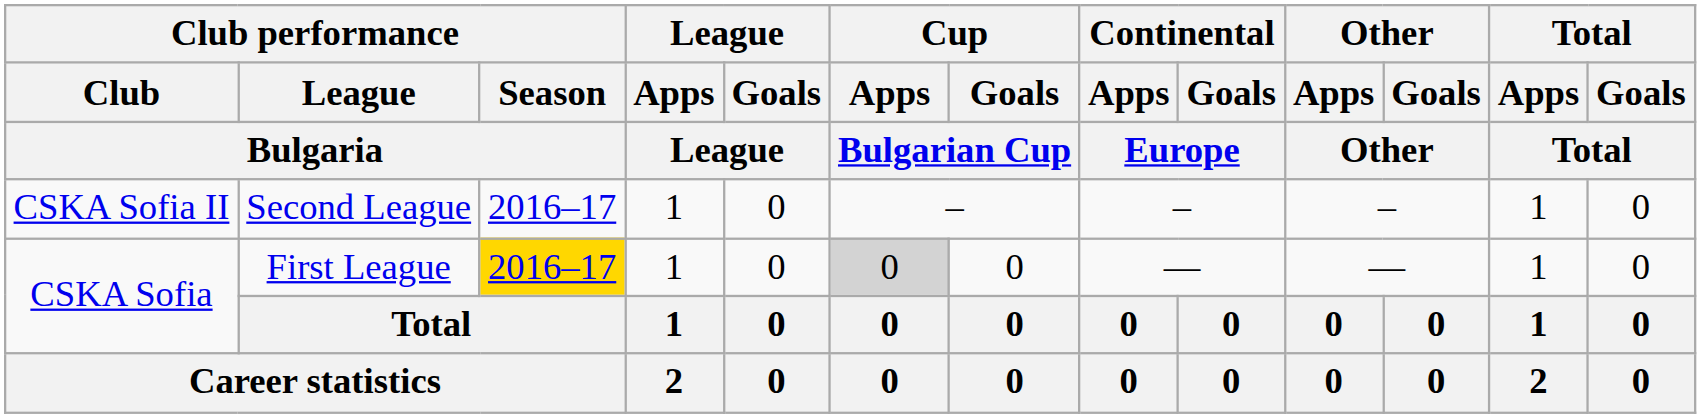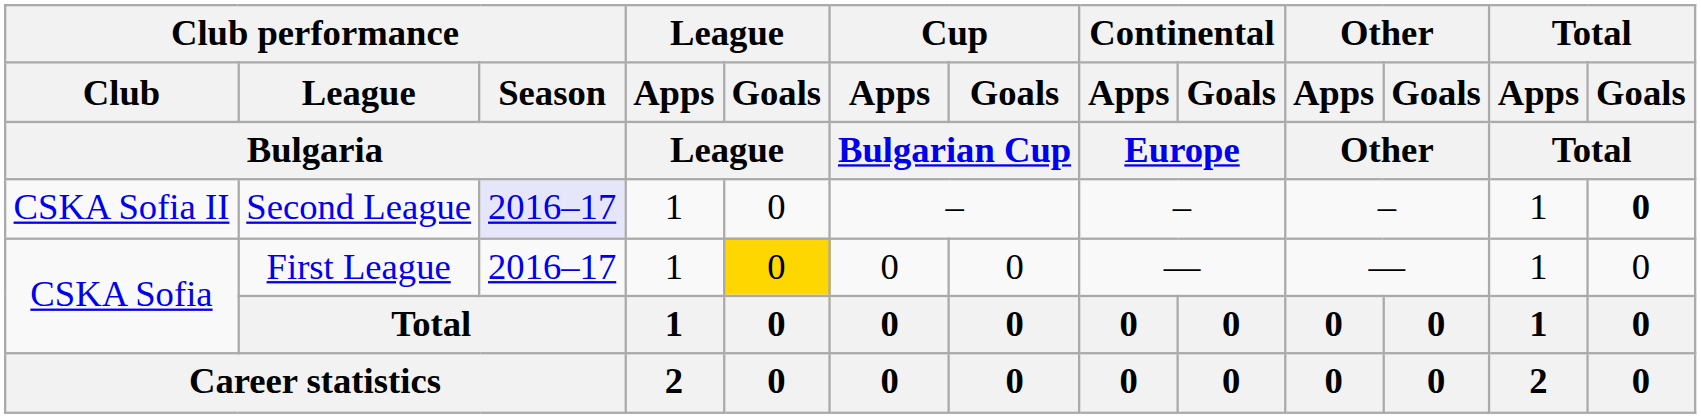 <table class="wikitable" style="text-align: center">
 <tr>
 <th Colspan="3">Club performance</th>
 <th Colspan="2">League</th>
 <th Colspan="2">Cup</th>
 <th Colspan="2">Continental</th>
 <th Colspan="2">Other</th>
 <th Colspan="3">Total</th>
 </tr>
 <tr>
 <th>Club</th>
 <th>League</th>
 <th>Season</th>
 <th>Apps</th>
 <th>Goals</th>
 <th>Apps</th>
 <th>Goals</th>
 <th>Apps</th>
 <th>Goals</th>
 <th>Apps</th>
 <th>Goals</th>
 <th>Apps</th>
 <th>Goals</th>
 </tr>
 <tr>
 <th Colspan="3">Bulgaria</th>
 <th Colspan="2">League</th>
 <th Colspan="2"><a href='#'>Bulgarian Cup</a></th>
 <th Colspan="2"><a href='#'>Europe</a></th>
 <th Colspan="2">Other</th>
 <th Colspan="2">Total</th>
 </tr>
 <tr>
 <td rowspan="1" valign="center"><a href='#'>CSKA Sofia II</a></td>
 <td rowspan="1"><a href='#'>Second League</a></td>
-<td><a href='#'>2016–17</a></td>
+<td style="background: lavender;"><a href='#'>2016–17</a></td>
 <td>1</td>
 <td>0</td>
 <td colspan="2">–</td>
 <td colspan="2">–</td>
 <td colspan="2">–</td>
 <td>1</td>
-<td>0</td>
+<td><strong>0</strong></td>
 </tr>
 <tr>
 <td rowspan="2" valign="center"><a href='#'>CSKA Sofia</a></td>
 <td rowspan="1"><a href='#'>First League</a></td>
-<td style="background: gold;"><a href='#'>2016–17</a></td>
+<td><a href='#'>2016–17</a></td>
 <td>1</td>
+<td style="background: gold;">0</td>
 <td>0</td>
-<td style="background: lightgrey;">0</td>
 <td>0</td>
 <td colspan="2">—</td>
 <td colspan="2">—</td>
 <td>1</td>
 <td>0</td>
 </tr>
 <tr>
 <th colspan=2>Total</th>
 <th>1</th>
 <th>0</th>
 <th>0</th>
 <th>0</th>
 <th>0</th>
 <th>0</th>
 <th>0</th>
 <th>0</th>
 <th>1</th>
 <th>0</th>
 </tr>
 <tr>
 <th colspan="3">Career statistics</th>
 <th>2</th>
 <th>0</th>
 <th>0</th>
 <th>0</th>
 <th>0</th>
 <th>0</th>
 <th>0</th>
 <th>0</th>
 <th>2</th>
 <th>0</th>
 </tr>
 </table>
